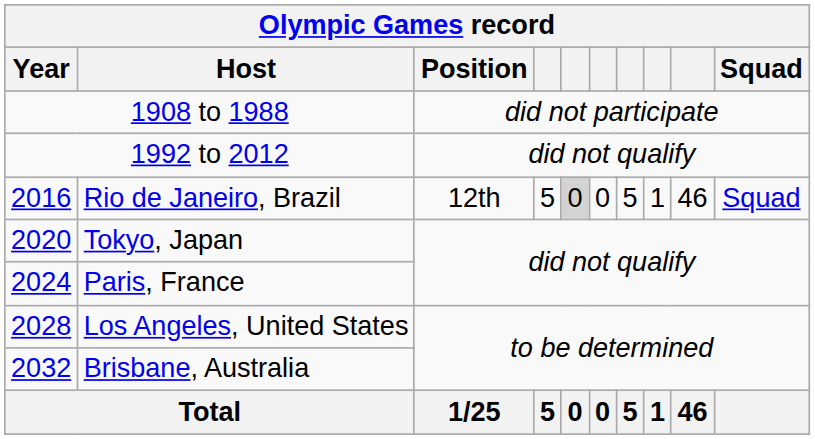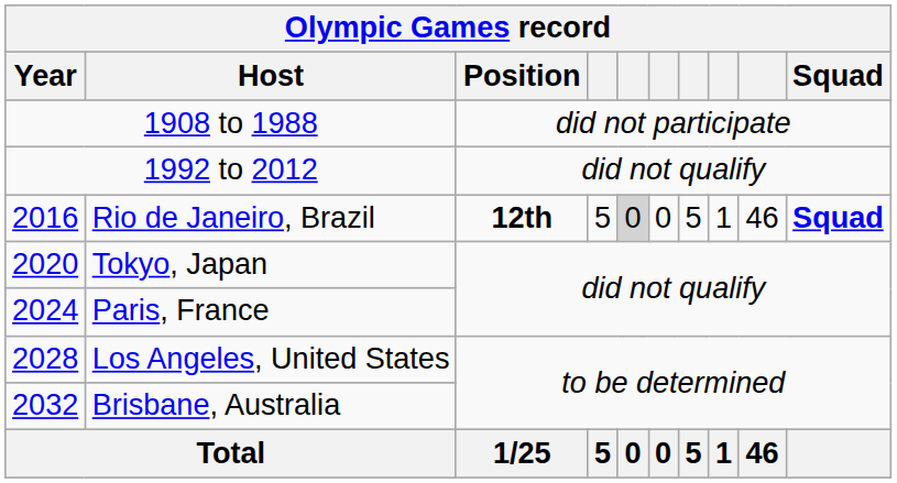 <table class="wikitable" style="text-align: center;">
 <tr>
 <th colspan=10><a href='#'>Olympic Games</a> record</th>
 </tr>
 <tr>
 <th>Year</th>
 <th>Host</th>
 <th>Position</th>
 <th></th>
 <th></th>
 <th></th>
 <th></th>
 <th></th>
 <th></th>
 <th>Squad</th>
 </tr>
 <tr>
 <td colspan=2><a href='#'>1908</a> to <a href='#'>1988</a></td>
 <td colspan=8><em>did not participate</em></td>
 </tr>
 <tr>
 <td colspan=2><a href='#'>1992</a> to <a href='#'>2012</a></td>
 <td colspan=8><em>did not qualify</em></td>
 </tr>
 <tr>
 <td><a href='#'>2016</a></td>
 <td align=left> <a href='#'>Rio de Janeiro</a>, Brazil</td>
-<td>12th</td>
+<td><strong>12th</strong></td>
 <td>5</td>
 <td style="background: lightgrey;">0</td>
 <td>0</td>
 <td>5</td>
 <td>1</td>
 <td>46</td>
-<td><a href='#'>Squad</a></td>
+<td><strong><a href='#'>Squad</a></strong></td>
 </tr>
 <tr>
 <td><a href='#'>2020</a></td>
 <td align=left>  <a href='#'>Tokyo</a>, Japan</td>
 <td rowspan=2 colspan=8><em>did not qualify</em></td>
 </tr>
 <tr>
 <td><a href='#'>2024</a></td>
 <td align=left>  <a href='#'>Paris</a>, France</td>
 </tr>
 <tr>
 <td><a href='#'>2028</a></td>
 <td align=left> <a href='#'>Los Angeles</a>, United States</td>
 <td colspan=8 rowspan=2><em>to be determined</em></td>
 </tr>
 <tr>
 <td><a href='#'>2032</a></td>
 <td align=left> <a href='#'>Brisbane</a>, Australia</td>
 </tr>
 <tr>
 <th colspan=2>Total</th>
 <th>1/25</th>
 <th>5</th>
 <th>0</th>
 <th>0</th>
 <th>5</th>
 <th>1</th>
 <th>46</th>
 <th></th>
 </tr>
 </table>
